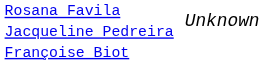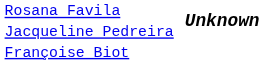 <table>
 <tr style="vertical-align:top;" style="background:#dfdfdf;">
 </tr>
 <tr style="vertical-align:center;">
 <th scope=row style="text-align:left"></th>
 <td><br><small><a href='#'>Rosana Favila</a><br><a href='#'>Jacqueline Pedreira</a><br><a href='#'>Françoise Biot</a></small></td>
 <td><br><br><br><br></td>
-<td><em>Unknown</em></td>
+<td><strong><em>Unknown</em></strong></td>
 </tr>
 <tr style="vertical-align:top;">
 <th scope=row style="text-align:left"></th>
 <td></td>
 <td></td>
 <td></td>
 </tr>
 </table>
